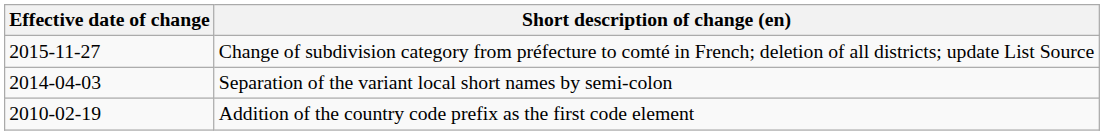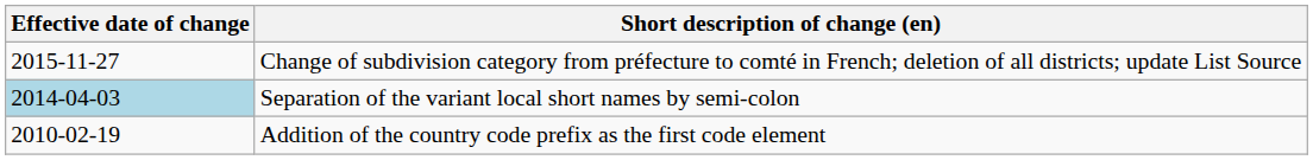 <table class="wikitable">
 <tr>
 <th>Effective date of change</th>
 <th>Short description of change (en)</th>
 </tr>
 <tr>
 <td>2015-11-27</td>
 <td>Change of subdivision category from préfecture to comté in French; deletion of all districts; update List Source</td>
 </tr>
 <tr>
-<td>2014-04-03</td>
+<td style="background: lightblue;">2014-04-03</td>
 <td>Separation of the variant local short names by semi-colon</td>
 </tr>
 <tr>
 <td>2010-02-19</td>
 <td>Addition of the country code prefix as the first code element</td>
 </tr>
 </table>
